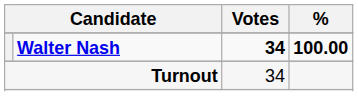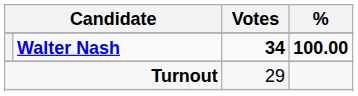 <table class="wikitable" style="font-size: 95%;">
 <tr style="background-color:#E9E9E9">
 <th colspan="2" style="width: 170px">Candidate</th>
 <th style="width: 50px">Votes</th>
 <th style="width: 40px">%</th>
 </tr>
 <tr>
 </tr>
 <tr>
 <th style="background-color: "></th>
 <td style="width: 170px"><strong><a href='#'>Walter Nash</a></strong></td>
 <td align="right"><strong>34</strong></td>
 <td align="right"><strong>100.00</strong></td>
 </tr>
 <tr>
 </tr>
 <tr style="background-color:#F6F6F6">
 <td colspan="2" align="right"><strong>Turnout</strong></td>
-<td align="right">34</td>
+<td align="right">29</td>
 <td></td>
 </tr>
 <tr>
 </tr>
 <tr style="background-color:#F6F6F6">
 </tr>
 </table>
